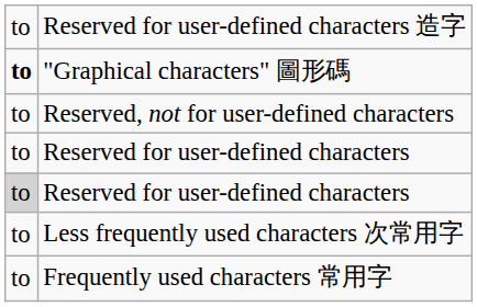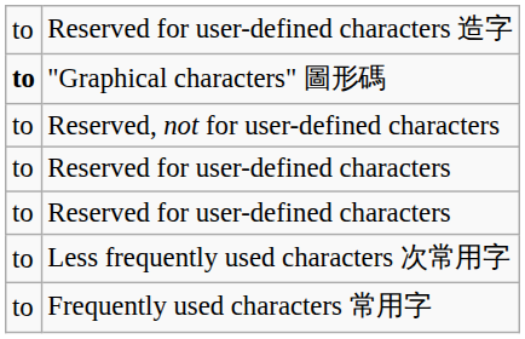 <table class="wikitable">
 <tr>
 <td> to </td>
 <td>Reserved for user-defined characters 造字</td>
 </tr>
 <tr>
 <td><strong> to </strong></td>
 <td>"Graphical characters" 圖形碼</td>
 </tr>
 <tr>
 <td> to </td>
 <td>Reserved, <em>not</em> for user-defined characters</td>
 </tr>
 <tr>
 <td> to </td>
 <td>Reserved for user-defined characters</td>
 </tr>
 <tr>
-<td style="background: lightgrey;"> to </td>
+<td> to </td>
 <td>Reserved for user-defined characters</td>
 </tr>
 <tr>
 <td> to </td>
 <td>Less frequently used characters 次常用字</td>
 </tr>
 <tr>
 <td> to </td>
 <td>Frequently used characters 常用字</td>
 </tr>
 </table>
